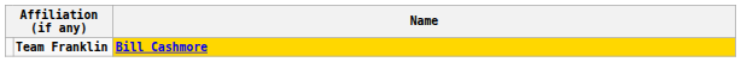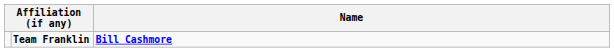 <table class="wikitable" style="width:51%;">
 <tr>
 <th colspan="2" style="width:1%;">Affiliation (if any)</th>
 <th style="width:20%;">Name</th>
 </tr>
 <tr>
 <td></td>
 <td><strong>Team Franklin</strong></td>
-<td style="background: gold;"><strong><a href='#'>Bill Cashmore</a></strong></td>
+<td><strong><a href='#'>Bill Cashmore</a></strong></td>
 </tr>
 </table>
